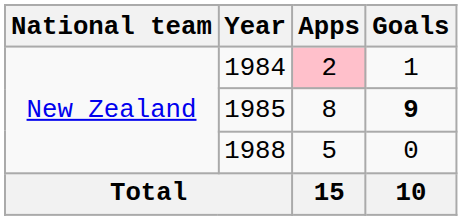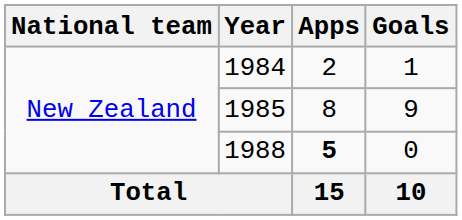 <table class=wikitable style="text-align: center;">
 <tr>
 <th>National team</th>
 <th>Year</th>
 <th>Apps</th>
 <th>Goals</th>
 </tr>
 <tr>
 <td rowspan=3><a href='#'>New Zealand</a></td>
 <td>1984</td>
-<td style="background: pink;">2</td>
+<td>2</td>
 <td>1</td>
 </tr>
 <tr>
 <td>1985</td>
 <td>8</td>
-<td><strong>9</strong></td>
+<td>9</td>
 </tr>
 <tr>
 <td>1988</td>
-<td>5</td>
+<td><strong>5</strong></td>
 <td>0</td>
 </tr>
 <tr>
 <th colspan=2>Total</th>
 <th>15</th>
 <th>10</th>
 </tr>
 </table>
